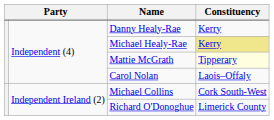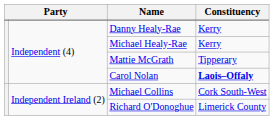 <table class="wikitable sortable">
 <tr style="border-bottom: 2px solid gray;">
 <th colspan=2>Party</th>
 <th>Name</th>
 <th>Constituency</th>
 </tr>
 <tr>
 <th rowspan=4 style="background-color:"></th>
 <td rowspan=4><a href='#'>Independent</a> (4)</td>
 <td><a href='#'>Danny Healy-Rae</a></td>
 <td><a href='#'>Kerry</a></td>
 </tr>
 <tr>
 <td><a href='#'>Michael Healy-Rae</a></td>
-<td style="background: khaki;"><a href='#'>Kerry</a></td>
+<td><a href='#'>Kerry</a></td>
 </tr>
 <tr>
 <td><a href='#'>Mattie McGrath</a></td>
-<td style="background: lightyellow;"><a href='#'>Tipperary</a></td>
+<td><a href='#'>Tipperary</a></td>
 </tr>
 <tr>
 <td><a href='#'>Carol Nolan</a></td>
-<td><a href='#'>Laois–Offaly</a></td>
+<td><strong><a href='#'>Laois–Offaly</a></strong></td>
 </tr>
 <tr>
 <th rowspan=2 style="background-color:"></th>
 <td rowspan=2><a href='#'>Independent Ireland</a> (2)</td>
 <td data-sort-value="Collins, Michael"><a href='#'>Michael Collins</a></td>
 <td><a href='#'>Cork South-West</a></td>
 </tr>
 <tr>
 <td><a href='#'>Richard O'Donoghue</a></td>
 <td><a href='#'>Limerick County</a></td>
 </tr>
 </table>
